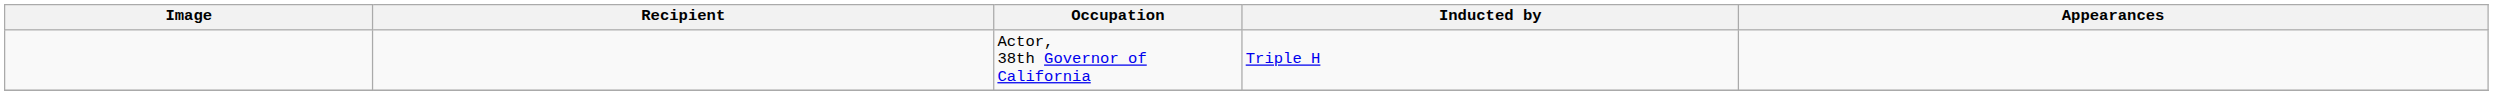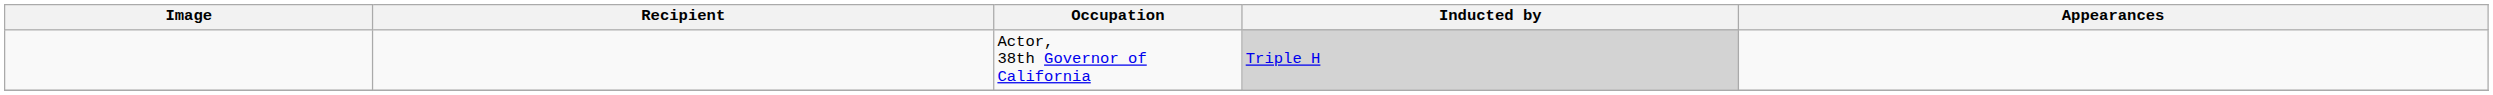 <table class="wikitable" style="font-size: 95%">
 <tr>
 <th class="unsortable">Image</th>
 <th style="width:25%;">Recipient<br></th>
 <th style="width:10%;">Occupation</th>
 <th style="width:20%;">Inducted by</th>
 <th class="unsortable">Appearances</th>
 </tr>
 <tr>
 <td></td>
 <td></td>
 <td>Actor,<br>38th <a href='#'>Governor of California</a></td>
-<td><a href='#'>Triple H</a></td>
+<td style="background: lightgrey;"><a href='#'>Triple H</a></td>
 <td></td>
 </tr>
 <tr>
 </tr>
 </table>
